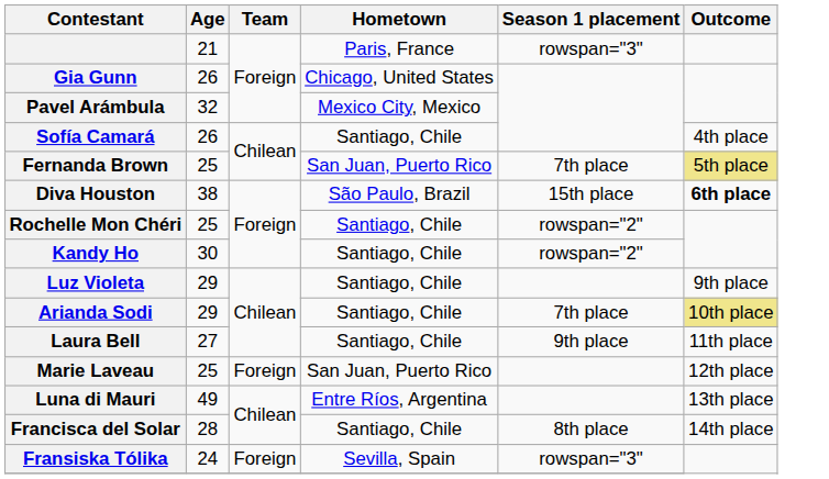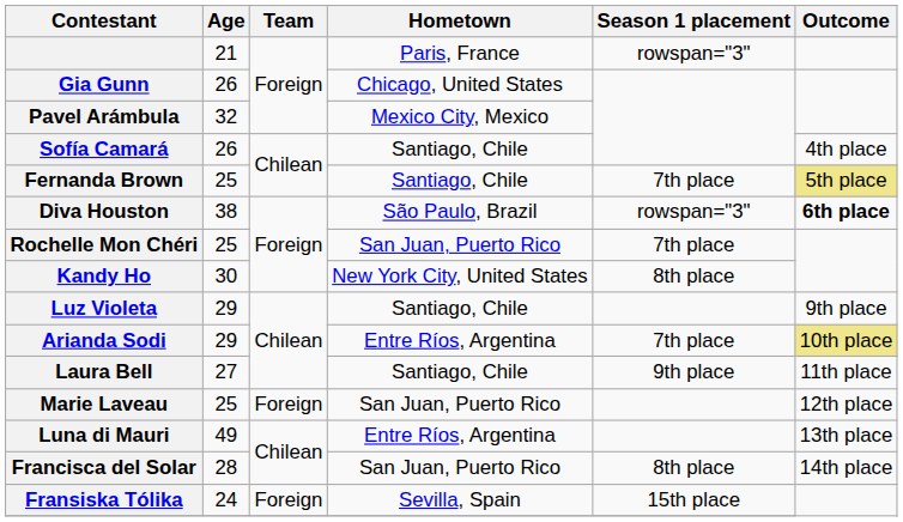 <table class="wikitable sortable" style="text-align:center">
 <tr>
 <th scope="col">Contestant</th>
 <th scope="col">Age</th>
 <th scope="col">Team</th>
 <th scope="col">Hometown</th>
 <th scope="col">Season 1 placement</th>
 <th scope="col">Outcome</th>
 </tr>
 <tr>
 <th scope="row"></th>
 <td>21</td>
 <td rowspan="3">Foreign</td>
 <td><a href='#'>Paris</a>, France</td>
 <td>rowspan="3" </td>
 <td></td>
 </tr>
 <tr>
 <th scope="row"><a href='#'>Gia Gunn</a></th>
 <td>26</td>
 <td nowrap><a href='#'>Chicago</a>, United States</td>
 <td rowspan="3"></td>
 </tr>
 <tr>
 <th scope="row">Pavel Arámbula</th>
 <td>32</td>
 <td><a href='#'>Mexico City</a>, Mexico</td>
 </tr>
 <tr>
 <th scope="row"><a href='#'>Sofía Camará</a></th>
 <td>26</td>
 <td rowspan="2">Chilean</td>
 <td>Santiago, Chile</td>
 <td>4th place</td>
 </tr>
 <tr>
 <th scope="row">Fernanda Brown</th>
 <td>25</td>
-<td><a href='#'>San Juan, Puerto Rico</a></td>
+<td><a href='#'>Santiago</a>, Chile</td>
 <td>7th place</td>
 <td style="background: khaki;">5th place</td>
 </tr>
 <tr>
 <th scope="row">Diva Houston</th>
 <td>38</td>
 <td rowspan="3">Foreign</td>
 <td><a href='#'>São Paulo</a>, Brazil</td>
-<td>15th place</td>
+<td>rowspan="3" </td>
 <td><strong>6th place</strong></td>
 </tr>
 <tr>
 <th scope="row" nowrap>Rochelle Mon Chéri</th>
 <td>25</td>
-<td><a href='#'>Santiago</a>, Chile</td>
-<td>rowspan="2" </td>
+<td><a href='#'>San Juan, Puerto Rico</a></td>
+<td>7th place</td>
 </tr>
 <tr>
 <th scope="row"><a href='#'>Kandy Ho</a></th>
 <td>30</td>
-<td>Santiago, Chile</td>
-<td>rowspan="2" </td>
+<td nowrap><a href='#'>New York City</a>, United States</td>
+<td>8th place</td>
 </tr>
 <tr>
 <th scope="row"><a href='#'>Luz Violeta</a></th>
 <td>29</td>
 <td rowspan="3">Chilean</td>
 <td>Santiago, Chile</td>
 <td></td>
 <td>9th place</td>
 </tr>
 <tr>
 <th scope="row"><a href='#'>Arianda Sodi</a></th>
 <td>29</td>
-<td>Santiago, Chile</td>
+<td><a href='#'>Entre Ríos</a>, Argentina</td>
 <td>7th place</td>
 <td nowrap style="background: khaki;">10th place</td>
 </tr>
 <tr>
 <th scope="row">Laura Bell</th>
 <td>27</td>
 <td>Santiago, Chile</td>
 <td>9th place</td>
 <td>11th place</td>
 </tr>
 <tr>
 <th scope="row">Marie Laveau</th>
 <td>25</td>
 <td>Foreign</td>
 <td>San Juan, Puerto Rico</td>
 <td></td>
 <td>12th place</td>
 </tr>
 <tr>
 <th scope="row">Luna di Mauri</th>
 <td>49</td>
 <td rowspan="2">Chilean</td>
 <td><a href='#'>Entre Ríos</a>, Argentina</td>
 <td></td>
 <td>13th place</td>
 </tr>
 <tr>
 <th scope="row">Francisca del Solar</th>
 <td>28</td>
-<td>Santiago, Chile</td>
+<td>San Juan, Puerto Rico</td>
 <td>8th place</td>
 <td>14th place</td>
 </tr>
 <tr>
 <th scope="row"><a href='#'>Fransiska Tólika</a></th>
 <td>24</td>
 <td>Foreign</td>
 <td><a href='#'>Sevilla</a>, Spain</td>
-<td>rowspan="3" </td>
+<td>15th place</td>
 </tr>
 <tr>
 </tr>
 </table>
